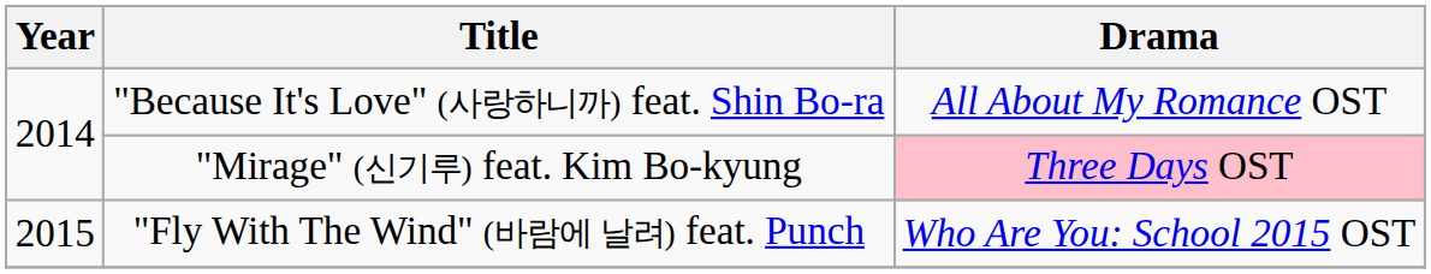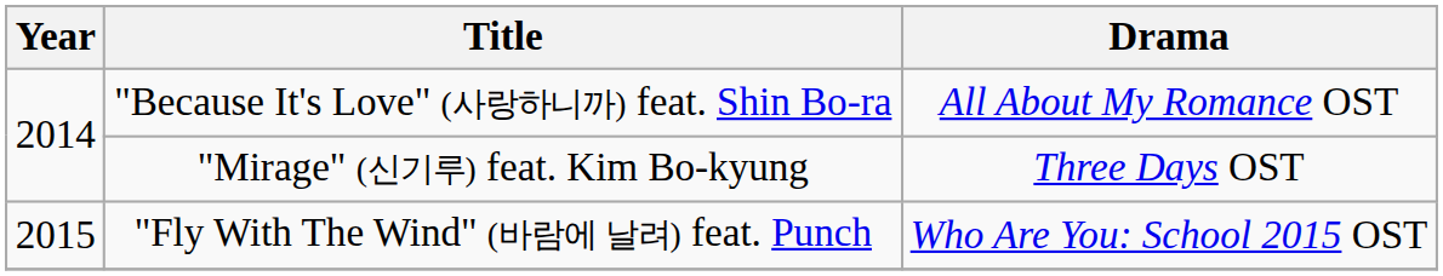 <table class="wikitable" style="text-align:center;">
 <tr>
 <th>Year</th>
 <th>Title</th>
 <th>Drama</th>
 </tr>
 <tr>
 <td rowspan="2">2014</td>
 <td>"Because It's Love" <small>(사랑하니까)</small> feat. <a href='#'>Shin Bo-ra</a></td>
 <td><em><a href='#'>All About My Romance</a></em> OST</td>
 </tr>
 <tr>
 <td>"Mirage" <small>(신기루)</small> feat. Kim Bo-kyung</td>
-<td style="background: pink;"><em><a href='#'>Three Days</a></em> OST</td>
+<td><em><a href='#'>Three Days</a></em> OST</td>
 </tr>
 <tr>
 <td>2015</td>
 <td>"Fly With The Wind" <small>(바람에 날려)</small>  feat. <a href='#'>Punch</a></td>
 <td><em><a href='#'>Who Are You: School 2015</a></em> OST</td>
 </tr>
 <tr>
 </tr>
 </table>
